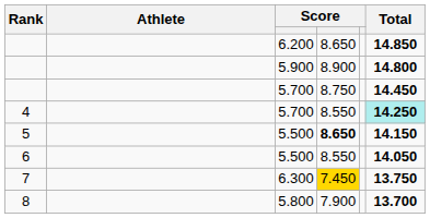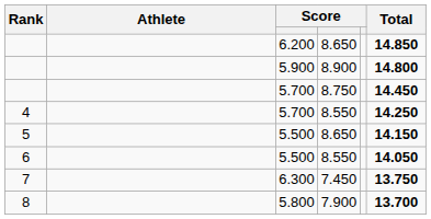 <table class=wikitable style="text-align:center">
 <tr>
 <th width="40" rowspan="2">Rank</th>
 <th width="250" rowspan="2">Athlete</th>
 <th width="60" colspan="3">Score</th>
 <th width="60" rowspan="2">Total</th>
 </tr>
 <tr>
 <th></th>
 <th></th>
 <th></th>
 </tr>
 <tr>
 <td></td>
 <td align="left"></td>
 <td>6.200</td>
 <td>8.650</td>
 <td></td>
 <td><strong>14.850</strong></td>
 </tr>
 <tr>
 <td></td>
 <td align="left"></td>
 <td>5.900</td>
 <td>8.900</td>
 <td></td>
 <td><strong>14.800</strong></td>
 </tr>
 <tr>
 <td></td>
 <td align="left"></td>
 <td>5.700</td>
 <td>8.750</td>
 <td></td>
 <td><strong>14.450</strong></td>
 </tr>
 <tr>
 <td>4</td>
 <td align="left"></td>
 <td>5.700</td>
 <td>8.550</td>
 <td></td>
-<td style="background: paleturquoise;"><strong>14.250</strong></td>
+<td><strong>14.250</strong></td>
 </tr>
 <tr>
 <td>5</td>
 <td align="left"></td>
 <td>5.500</td>
-<td><strong>8.650</strong></td>
+<td>8.650</td>
 <td></td>
 <td><strong>14.150</strong></td>
 </tr>
 <tr>
 <td>6</td>
 <td align="left"></td>
 <td>5.500</td>
 <td>8.550</td>
 <td></td>
 <td><strong>14.050</strong></td>
 </tr>
 <tr>
 <td>7</td>
 <td align="left"></td>
 <td>6.300</td>
-<td style="background: gold;">7.450</td>
+<td>7.450</td>
 <td></td>
 <td><strong>13.750</strong></td>
 </tr>
 <tr>
 <td>8</td>
 <td align="left"></td>
 <td>5.800</td>
 <td>7.900</td>
 <td></td>
 <td><strong>13.700</strong></td>
 </tr>
 </table>
